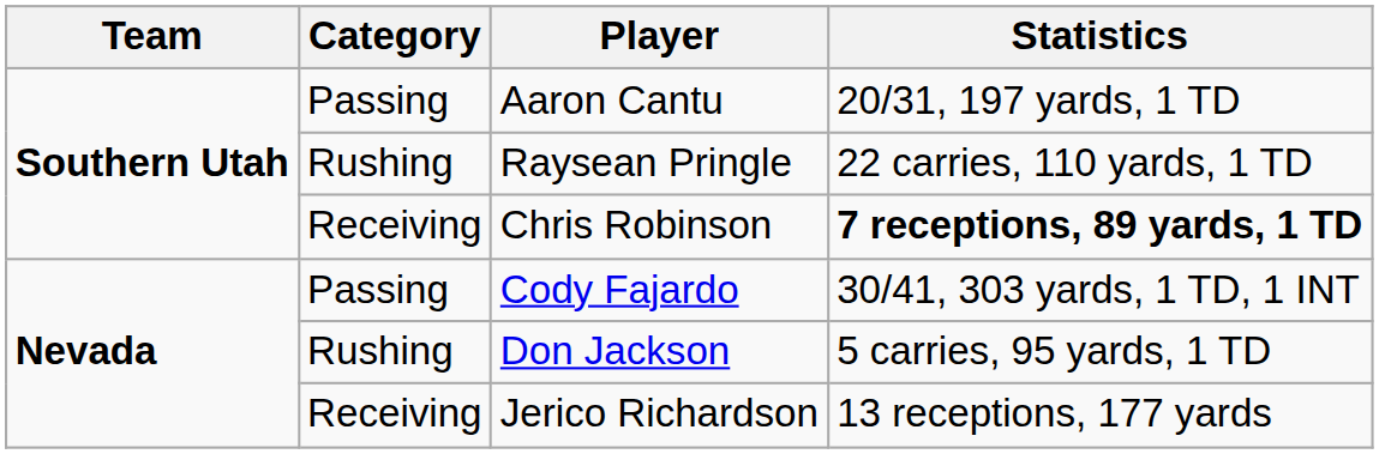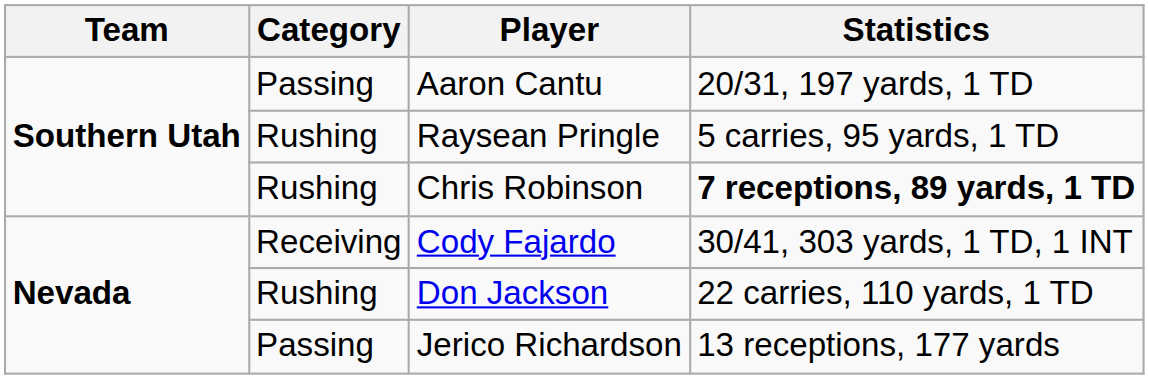 <table class="wikitable" style="float: left;">
 <tr>
 <th>Team</th>
 <th>Category</th>
 <th>Player</th>
 <th>Statistics</th>
 </tr>
 <tr>
 <td rowspan=3><strong>Southern Utah</strong></td>
 <td>Passing</td>
 <td>Aaron Cantu</td>
 <td>20/31, 197 yards, 1 TD</td>
 </tr>
 <tr>
 <td>Rushing</td>
 <td>Raysean Pringle</td>
-<td>22 carries, 110 yards, 1 TD</td>
+<td>5 carries, 95 yards, 1 TD</td>
 </tr>
 <tr>
-<td>Receiving</td>
+<td>Rushing</td>
 <td>Chris Robinson</td>
 <td><strong>7 receptions, 89 yards, 1 TD</strong></td>
 </tr>
 <tr>
 <td rowspan=3><strong>Nevada</strong></td>
-<td>Passing</td>
+<td>Receiving</td>
 <td><a href='#'>Cody Fajardo</a></td>
 <td>30/41, 303 yards, 1 TD, 1 INT</td>
 </tr>
 <tr>
 <td>Rushing</td>
 <td><a href='#'>Don Jackson</a></td>
-<td>5 carries, 95 yards, 1 TD</td>
+<td>22 carries, 110 yards, 1 TD</td>
 </tr>
 <tr>
-<td>Receiving</td>
+<td>Passing</td>
 <td>Jerico Richardson</td>
 <td>13 receptions, 177 yards</td>
 </tr>
 </table>
